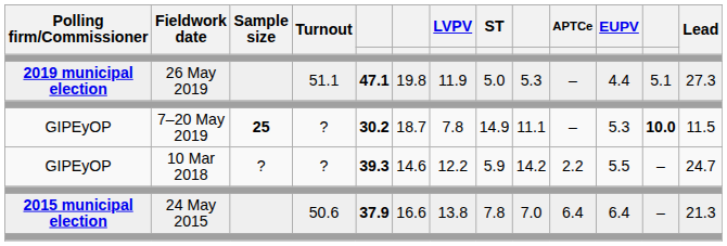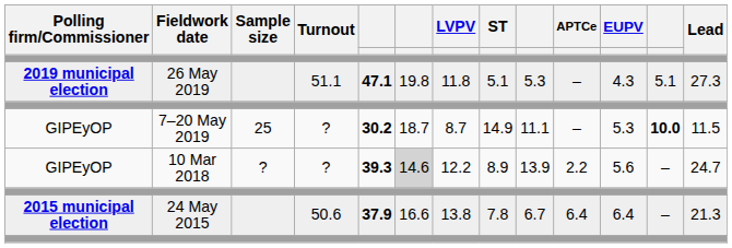 <table class="wikitable collapsible collapsed" style="text-align:center; font-size:95%; line-height:16px;">
 <tr style="height:42px;">
 <th style="width:250px;" rowspan="2">Polling firm/Commissioner</th>
 <th style="width:125px;" rowspan="2">Fieldwork date</th>
 <th style="width:50px;" rowspan="2">Sample size</th>
 <th style="width:45px;" rowspan="2">Turnout</th>
 <th style="width:35px;"></th>
 <th style="width:35px;"></th>
 <th style="width:35px;"><a href='#'>LVPV</a></th>
 <th style="width:35px;">ST</th>
 <th style="width:35px;"></th>
 <th style="width:35px; font-size:80%;">APTCe</th>
 <th style="width:35px; font-size:95%;"><a href='#'>EUPV</a></th>
 <th style="width:35px;"></th>
 <th style="width:30px;" rowspan="2">Lead</th>
 </tr>
 <tr>
 <th style="color:inherit;background:"></th>
 <th style="color:inherit;background:"></th>
 <th style="color:inherit;background:"></th>
 <th style="color:inherit;background:"></th>
 <th style="color:inherit;background:"></th>
 <th style="color:inherit;background:"></th>
 <th style="color:inherit;background:"></th>
 <th style="color:inherit;background:"></th>
 </tr>
 <tr>
 <td colspan="14" style="background:#A0A0A0"></td>
 </tr>
 <tr style="background:#EFEFEF;">
 <td><strong><a href='#'>2019 municipal election</a></strong></td>
 <td>26 May 2019</td>
 <td></td>
 <td>51.1</td>
 <td><strong>47.1</strong><br></td>
 <td>19.8<br></td>
-<td>11.9<br></td>
-<td>5.0<br></td>
+<td>11.8<br></td>
+<td>5.1<br></td>
 <td>5.3<br></td>
 <td>–</td>
-<td>4.4<br></td>
+<td>4.3<br></td>
 <td>5.1<br></td>
 <td style="background:">27.3</td>
 </tr>
 <tr>
 <td colspan="14" style="background:#A0A0A0"></td>
 </tr>
 <tr>
 <td>GIPEyOP</td>
 <td>7–20 May 2019</td>
-<td><strong>25</strong></td>
+<td>25</td>
 <td>?</td>
 <td><strong>30.2</strong><br></td>
 <td>18.7<br></td>
-<td>7.8<br></td>
+<td>8.7<br></td>
 <td>14.9<br></td>
 <td>11.1<br></td>
 <td>–</td>
 <td>5.3<br></td>
 <td><strong>10.0<br></strong></td>
 <td style="background:">11.5</td>
 </tr>
 <tr>
 <td>GIPEyOP</td>
 <td>10 Mar 2018</td>
 <td>?</td>
 <td>?</td>
 <td><strong>39.3</strong><br></td>
-<td>14.6<br></td>
+<td style="background: lightgrey;">14.6<br></td>
 <td>12.2<br></td>
-<td>5.9<br></td>
-<td>14.2<br></td>
+<td>8.9<br></td>
+<td>13.9<br></td>
 <td>2.2<br></td>
-<td>5.5<br></td>
+<td>5.6<br></td>
 <td>–</td>
 <td style="background:">24.7</td>
 </tr>
 <tr>
 <td colspan="14" style="background:#A0A0A0"></td>
 </tr>
 <tr style="background:#EFEFEF;">
 <td><strong><a href='#'>2015 municipal election</a></strong></td>
 <td>24 May 2015</td>
 <td></td>
 <td>50.6</td>
 <td><strong>37.9</strong><br></td>
 <td>16.6<br></td>
 <td>13.8<br></td>
 <td>7.8<br></td>
-<td>7.0<br></td>
+<td>6.7<br></td>
 <td>6.4<br></td>
 <td>6.4<br></td>
 <td>–</td>
 <td style="background:">21.3</td>
 </tr>
 <tr>
 <td colspan="14" style="background:#A0A0A0"></td>
 </tr>
 </table>
